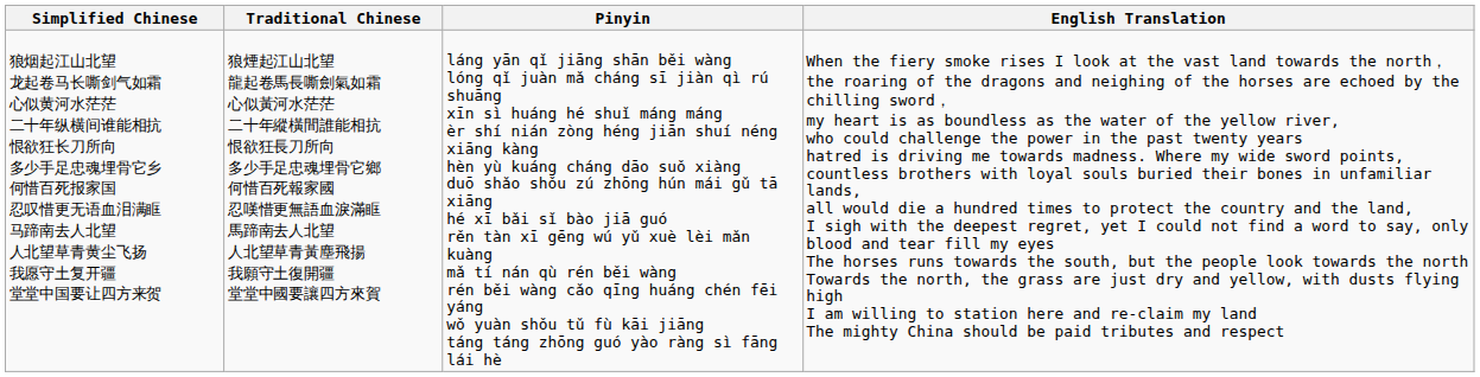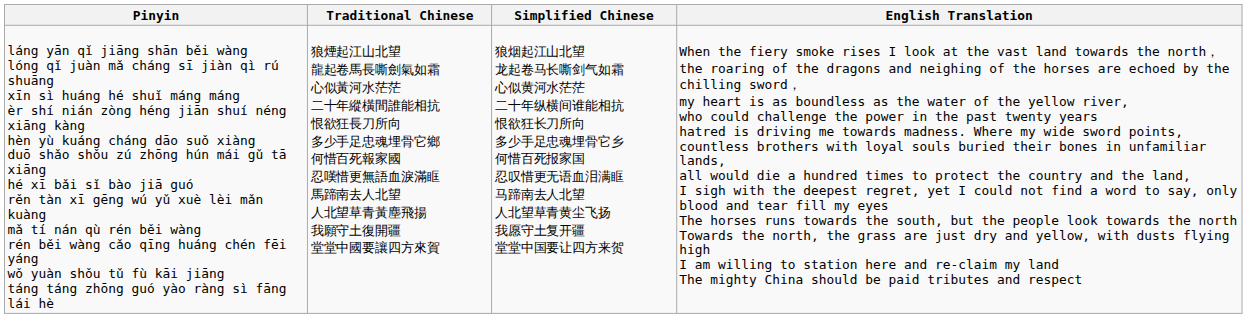 <table class="wikitable">
 <tr>
+<th width="300">Pinyin</th>
+<th width="180">Traditional Chinese</th>
 <th width="180">Simplified Chinese</th>
-<th width="180">Traditional Chinese</th>
-<th width="300">Pinyin</th>
 <th>English Translation</th>
 </tr>
 <tr valign="top">
+<td><br>láng yān qǐ jiāng shān běi wàng <br> lóng qǐ juàn mǎ cháng sī jiàn qì rú shuāng <br> xīn sì huáng hé shuǐ máng máng <br> èr shí nián zòng héng jiān shuí néng xiāng kàng <br> hèn yù kuáng cháng dāo suǒ xiàng <br> duō shǎo shǒu zú zhōng hún mái gǔ tā xiāng <br> hé xī bǎi sǐ bào jiā guó <br> rěn tàn xī gēng wú yǔ xuè lèi mǎn kuàng <br> mǎ tí nán qù rén běi wàng <br> rén běi wàng cǎo qīng huáng chén fēi yáng <br> wǒ yuàn shǒu tǔ fù kāi jiāng <br> táng táng zhōng guó yào ràng sì fāng lái hè<br></td>
+<td><br>狼煙起江山北望<br> 龍起卷馬長嘶劍氣如霜<br> 心似黃河水茫茫<br> 二十年縱橫間誰能相抗<br> 恨欲狂長刀所向<br> 多少手足忠魂埋骨它鄉<br> 何惜百死報家國<br> 忍嘆惜更無語血淚滿眶<br> 馬蹄南去人北望<br> 人北望草青黃塵飛揚<br> 我願守土復開疆<br> 堂堂中國要讓四方來賀<br></td>
 <td><br>狼烟起江山北望<br> 龙起卷马长嘶剑气如霜<br> 心似黄河水茫茫<br> 二十年纵横间谁能相抗<br> 恨欲狂长刀所向<br> 多少手足忠魂埋骨它乡<br> 何惜百死报家国<br> 忍叹惜更无语血泪满眶<br> 马蹄南去人北望<br> 人北望草青黄尘飞扬<br> 我愿守土复开疆<br> 堂堂中国要让四方来贺<br></td>
-<td><br>狼煙起江山北望<br> 龍起卷馬長嘶劍氣如霜<br> 心似黃河水茫茫<br> 二十年縱橫間誰能相抗<br> 恨欲狂長刀所向<br> 多少手足忠魂埋骨它鄉<br> 何惜百死報家國<br> 忍嘆惜更無語血淚滿眶<br> 馬蹄南去人北望<br> 人北望草青黃塵飛揚<br> 我願守土復開疆<br> 堂堂中國要讓四方來賀<br></td>
-<td><br>láng yān qǐ jiāng shān běi wàng <br> lóng qǐ juàn mǎ cháng sī jiàn qì rú shuāng <br> xīn sì huáng hé shuǐ máng máng <br> èr shí nián zòng héng jiān shuí néng xiāng kàng <br> hèn yù kuáng cháng dāo suǒ xiàng <br> duō shǎo shǒu zú zhōng hún mái gǔ tā xiāng <br> hé xī bǎi sǐ bào jiā guó <br> rěn tàn xī gēng wú yǔ xuè lèi mǎn kuàng <br> mǎ tí nán qù rén běi wàng <br> rén běi wàng cǎo qīng huáng chén fēi yáng <br> wǒ yuàn shǒu tǔ fù kāi jiāng <br> táng táng zhōng guó yào ràng sì fāng lái hè<br></td>
 <td><br>When the fiery smoke rises I look at the vast land towards the north，<br> the roaring of the dragons and neighing of the horses are echoed by the chilling sword，<br> my heart is as boundless as the water of the yellow river,<br> who could challenge the power in the past twenty years<br> hatred is driving me towards madness. Where my wide sword points,<br> countless brothers with loyal souls buried their bones in unfamiliar lands,<br> all would die a hundred times to protect the country and the land,<br> I sigh with the deepest regret, yet I could not find a word to say, only blood and tear fill my eyes<br> The horses runs towards the south, but the people look towards the north<br> Towards the north, the grass are just dry and yellow, with dusts flying high<br> I am willing to station here and re-claim my land<br> The mighty China should be paid tributes and respect<br></td>
 </tr>
 </table>
